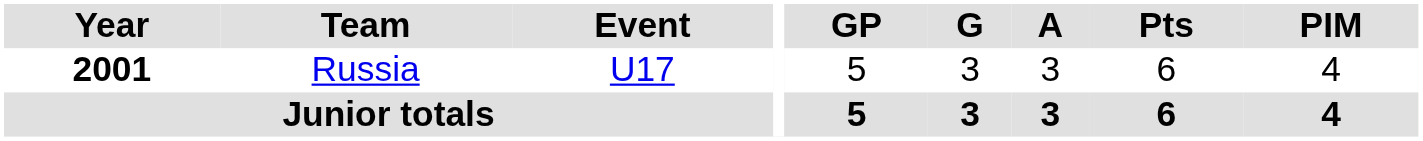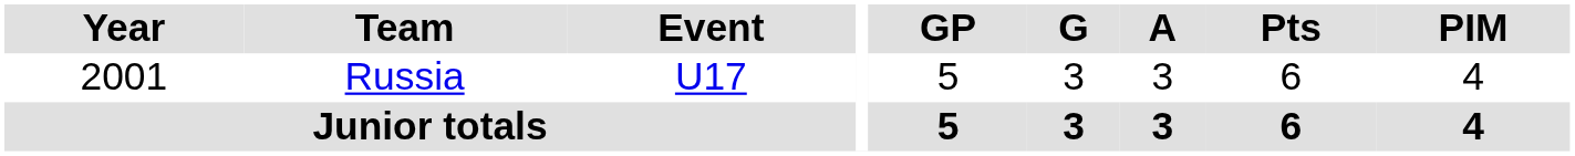 <table border="0" cellpadding="1" cellspacing="0" ID="Table3" style="text-align:center; width:40em">
 <tr ALIGN="center" bgcolor="#e0e0e0">
 <th>Year</th>
 <th>Team</th>
 <th>Event</th>
 <th rowspan="99" bgcolor="#ffffff"></th>
 <th>GP</th>
 <th>G</th>
 <th>A</th>
 <th>Pts</th>
 <th>PIM</th>
 </tr>
 <tr>
-<td><strong>2001</strong></td>
+<td>2001</td>
 <td><a href='#'>Russia</a></td>
 <td><a href='#'>U17</a></td>
 <td>5</td>
 <td>3</td>
 <td>3</td>
 <td>6</td>
 <td>4</td>
 </tr>
 <tr bgcolor="#e0e0e0">
 <th colspan="3">Junior totals</th>
 <th>5</th>
 <th>3</th>
 <th>3</th>
 <th>6</th>
 <th>4</th>
 </tr>
 </table>
